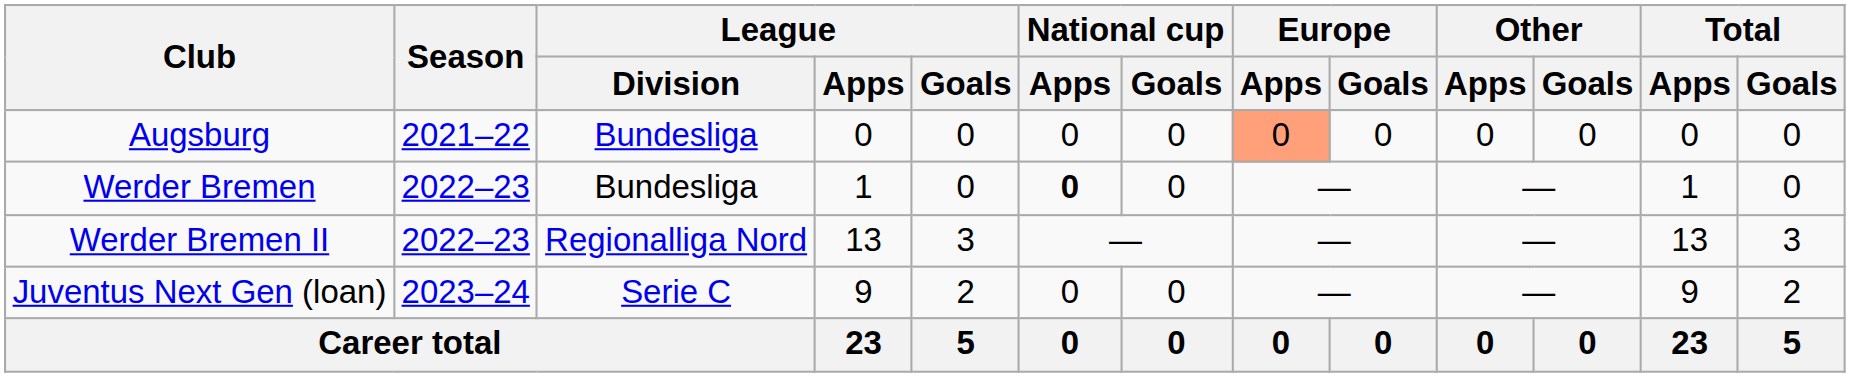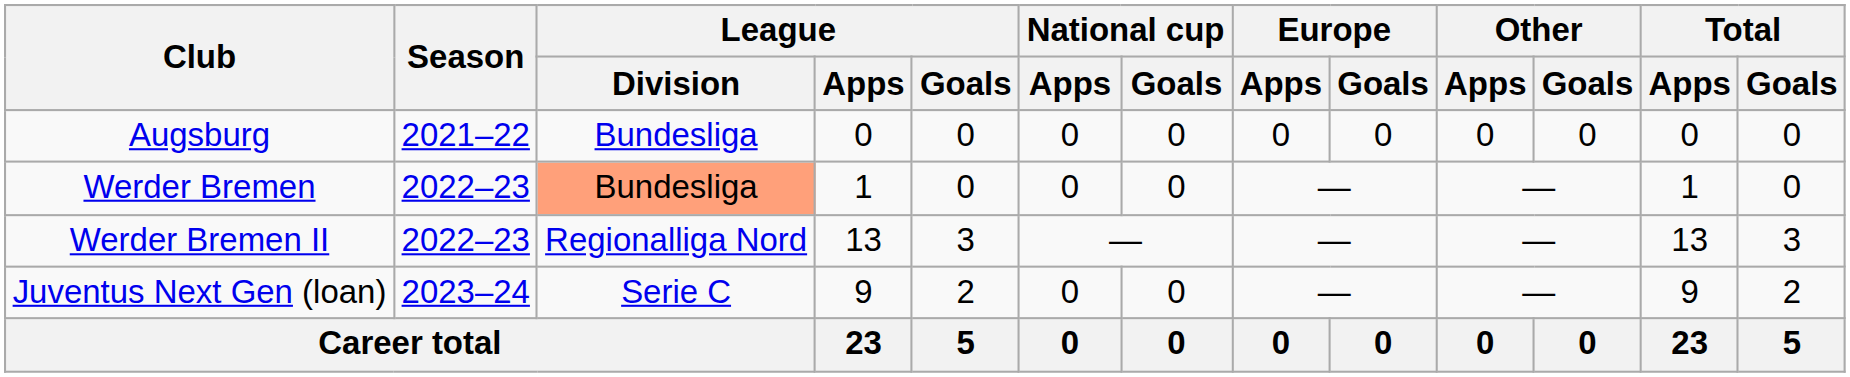 <table class="wikitable" style="text-align:center">
 <tr>
 <th rowspan="2">Club</th>
 <th rowspan="2">Season</th>
 <th colspan="3">League</th>
 <th colspan="2">National cup</th>
 <th colspan="2">Europe</th>
 <th colspan="2">Other</th>
 <th colspan="2">Total</th>
 </tr>
 <tr>
 <th>Division</th>
 <th>Apps</th>
 <th>Goals</th>
 <th>Apps</th>
 <th>Goals</th>
 <th>Apps</th>
 <th>Goals</th>
 <th>Apps</th>
 <th>Goals</th>
 <th>Apps</th>
 <th>Goals</th>
 </tr>
 <tr>
 <td><a href='#'>Augsburg</a></td>
 <td><a href='#'>2021–22</a></td>
 <td><a href='#'>Bundesliga</a></td>
 <td>0</td>
 <td>0</td>
 <td>0</td>
 <td>0</td>
-<td style="background: lightsalmon;">0</td>
+<td>0</td>
 <td>0</td>
 <td>0</td>
 <td>0</td>
 <td>0</td>
 <td>0</td>
 </tr>
 <tr>
 <td><a href='#'>Werder Bremen</a></td>
 <td><a href='#'>2022–23</a></td>
-<td>Bundesliga</td>
+<td style="background: lightsalmon;">Bundesliga</td>
 <td>1</td>
 <td>0</td>
-<td><strong>0</strong></td>
+<td>0</td>
 <td>0</td>
 <td colspan="2">—</td>
 <td colspan="2">—</td>
 <td>1</td>
 <td>0</td>
 </tr>
 <tr>
 <td><a href='#'>Werder Bremen II</a></td>
 <td><a href='#'>2022–23</a></td>
 <td><a href='#'>Regionalliga Nord</a></td>
 <td>13</td>
 <td>3</td>
 <td colspan="2">—</td>
 <td colspan="2">—</td>
 <td colspan="2">—</td>
 <td>13</td>
 <td>3</td>
 </tr>
 <tr>
 <td><a href='#'>Juventus Next Gen</a> (loan)</td>
 <td><a href='#'>2023–24</a></td>
 <td><a href='#'>Serie C</a></td>
 <td>9</td>
 <td>2</td>
 <td>0</td>
 <td>0</td>
 <td colspan="2">—</td>
 <td colspan="2">—</td>
 <td>9</td>
 <td>2</td>
 </tr>
 <tr>
 <th colspan="3">Career total</th>
 <th>23</th>
 <th>5</th>
 <th>0</th>
 <th>0</th>
 <th>0</th>
 <th>0</th>
 <th>0</th>
 <th>0</th>
 <th>23</th>
 <th>5</th>
 </tr>
 </table>
